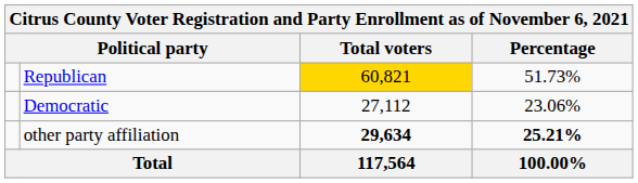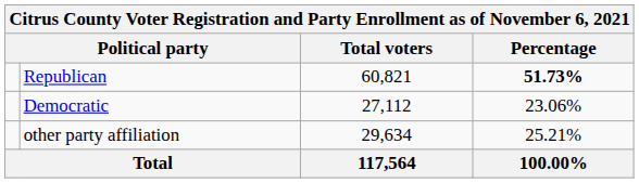 <table class=wikitable>
 <tr>
 <th colspan = 6>Citrus County Voter Registration and Party Enrollment as of November 6, 2021</th>
 </tr>
 <tr>
 <th colspan = 2>Political party</th>
 <th>Total voters</th>
 <th>Percentage</th>
 </tr>
 <tr>
 <td></td>
 <td><a href='#'>Republican</a></td>
-<td align = center style="background: gold;">60,821</td>
-<td align = center>51.73%</td>
+<td align = center>60,821</td>
+<td align = center><strong>51.73%</strong></td>
 </tr>
 <tr>
 <td></td>
 <td><a href='#'>Democratic</a></td>
 <td align = center>27,112</td>
 <td align = center>23.06%</td>
 </tr>
 <tr>
 <td></td>
 <td>other party affiliation</td>
-<td align = center><strong>29,634</strong></td>
-<td align = center><strong>25.21%</strong></td>
+<td align = center>29,634</td>
+<td align = center>25.21%</td>
 </tr>
 <tr>
 <th colspan = 2>Total</th>
 <th align = center>117,564</th>
 <th align = center>100.00%</th>
 </tr>
 </table>
